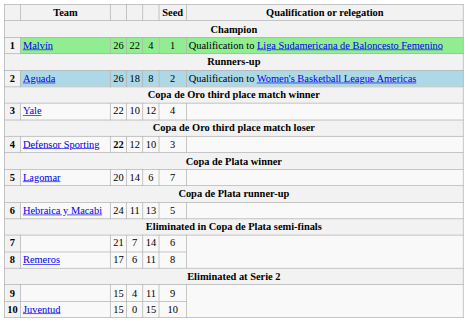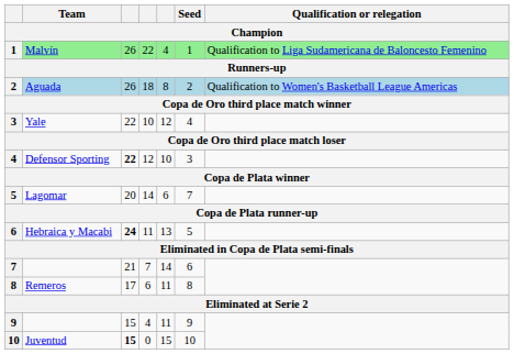 <table class="wikitable" width=80% style= align:center">
 <tr>
 <th></th>
 <th width:45%>Team</th>
 <th></th>
 <th></th>
 <th></th>
 <th>Seed</th>
 <th>Qualification or relegation</th>
 </tr>
 <tr>
 <th colspan="7">Champion</th>
 </tr>
 <tr bgcolor="lightgreen">
 <th>1</th>
 <td><a href='#'>Malvín</a></td>
 <td align="center">26</td>
 <td align="center">22</td>
 <td align="center">4</td>
 <td align="center">1</td>
 <td>Qualification to <a href='#'>Liga Sudamericana de Baloncesto Femenino</a></td>
 </tr>
 <tr>
 <th colspan="7">Runners-up</th>
 </tr>
 <tr bgcolor="lightblue">
 <th>2</th>
 <td><a href='#'>Aguada</a></td>
 <td align="center">26</td>
 <td align="center">18</td>
 <td align="center">8</td>
 <td align="center">2</td>
 <td>Qualification to <a href='#'>Women's Basketball League Americas</a></td>
 </tr>
 <tr>
 <th colspan="7">Copa de Oro third place match winner</th>
 </tr>
 <tr>
 <th>3</th>
 <td><a href='#'>Yale</a></td>
 <td align="center">22</td>
 <td align="center">10</td>
 <td align="center">12</td>
 <td align="center">4</td>
 <td></td>
 </tr>
 <tr>
 <th colspan="7">Copa de Oro third place match loser</th>
 </tr>
 <tr>
 <th>4</th>
 <td><a href='#'>Defensor Sporting</a></td>
 <td align="center"><strong>22</strong></td>
 <td align="center">12</td>
 <td align="center">10</td>
 <td align="center">3</td>
 </tr>
 <tr>
 <th colspan="7">Copa de Plata winner</th>
 </tr>
 <tr>
 <th>5</th>
 <td><a href='#'>Lagomar</a></td>
 <td align="center">20</td>
 <td align="center">14</td>
 <td align="center">6</td>
 <td align="center">7</td>
 <td></td>
 </tr>
 <tr>
 <th colspan="7">Copa de Plata runner-up</th>
 </tr>
 <tr>
 <th>6</th>
 <td><a href='#'>Hebraica y Macabi</a></td>
-<td align="center">24</td>
+<td align="center"><strong>24</strong></td>
 <td align="center">11</td>
 <td align="center">13</td>
 <td align="center">5</td>
 <td></td>
 </tr>
 <tr>
 <th colspan="7">Eliminated in Copa de Plata semi-finals</th>
 </tr>
 <tr>
 <th>7</th>
 <td></td>
 <td align="center">21</td>
 <td align="center">7</td>
 <td align="center">14</td>
 <td align="center">6</td>
 <td rowspan="2"></td>
 </tr>
 <tr>
 <th>8</th>
 <td><a href='#'>Remeros</a></td>
 <td align="center">17</td>
 <td align="center">6</td>
 <td align="center">11</td>
 <td align="center">8</td>
 </tr>
 <tr>
 <th colspan="7">Eliminated at Serie 2</th>
 </tr>
 <tr>
 <th>9</th>
 <td></td>
 <td align="center">15</td>
 <td align="center">4</td>
 <td align="center">11</td>
 <td align="center">9</td>
 <td rowspan="2"></td>
 </tr>
 <tr>
 <th>10</th>
 <td><a href='#'>Juventud</a></td>
-<td align="center">15</td>
+<td align="center"><strong>15</strong></td>
 <td align="center">0</td>
 <td align="center">15</td>
 <td align="center">10</td>
 </tr>
 </table>
